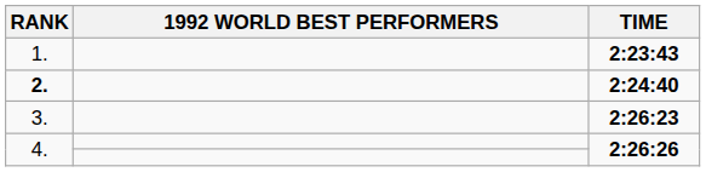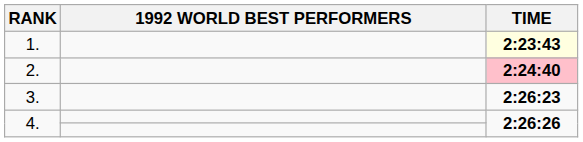 <table class="wikitable" style="border-collapse: collapse; font-size: 90%;">
 <tr>
 <th>RANK</th>
 <th align="center" style="width: 25em">1992 WORLD BEST PERFORMERS</th>
 <th align="center" style="width: 5em">TIME</th>
 </tr>
 <tr>
 <td align="center">1.</td>
 <td></td>
-<td align="center"><strong>2:23:43</strong></td>
+<td align="center" style="background: lightyellow;"><strong>2:23:43</strong></td>
 </tr>
 <tr>
-<td align="center"><strong>2.</strong></td>
+<td align="center">2.</td>
 <td></td>
-<td align="center"><strong>2:24:40</strong></td>
+<td align="center" style="background: pink;"><strong>2:24:40</strong></td>
 </tr>
 <tr>
 <td align="center">3.</td>
 <td></td>
 <td align="center"><strong>2:26:23</strong></td>
 </tr>
 <tr>
 <td rowspan=2 align="center">4.</td>
 <td></td>
 <td rowspan=2 align="center"><strong>2:26:26</strong></td>
 </tr>
 <tr>
 <td></td>
 </tr>
 </table>
